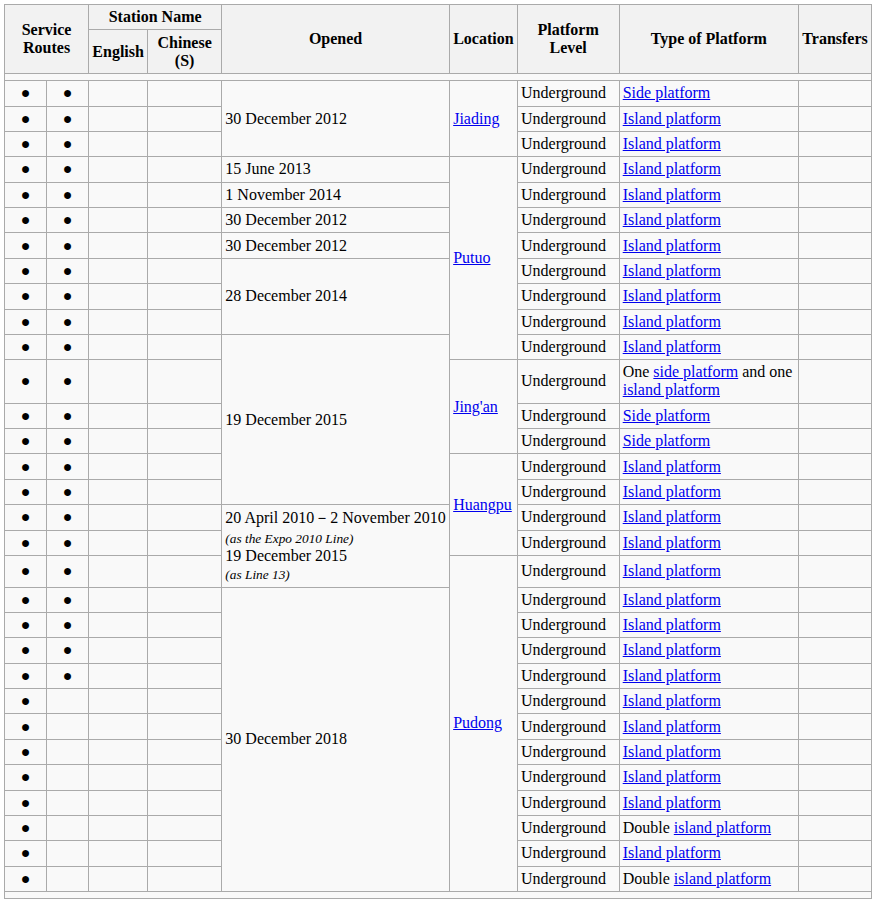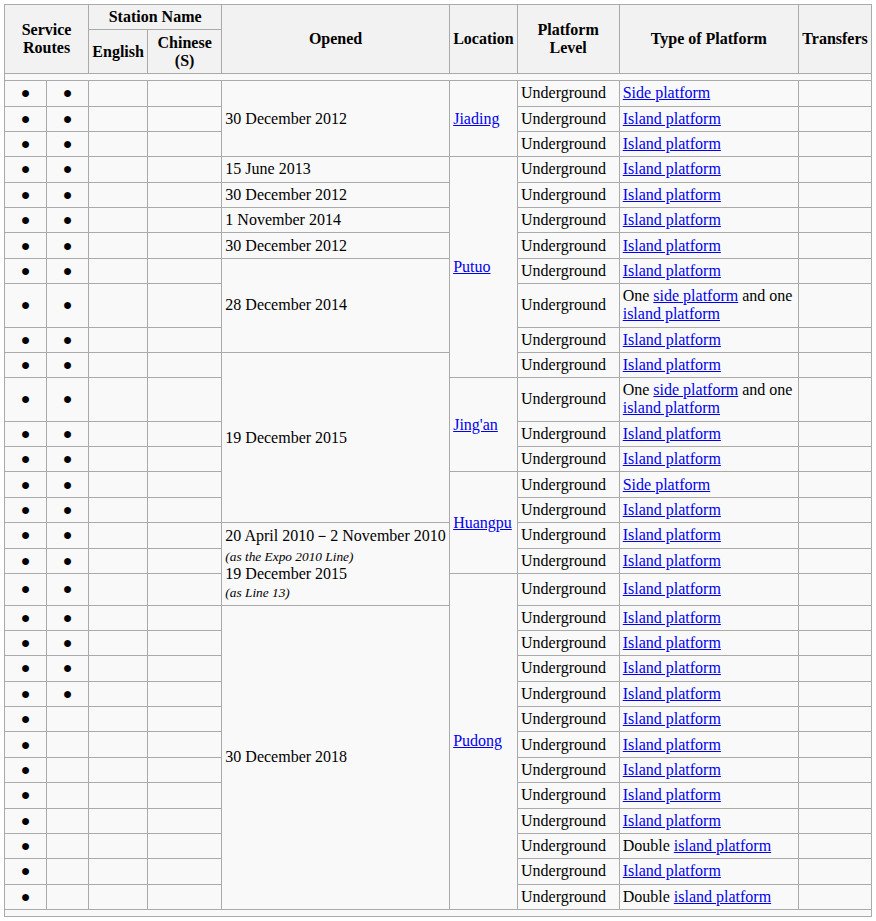 <table class=wikitable>
 <tr>
 <th colspan=2 rowspan=2>Service Routes</th>
 <th colspan=2 style="text-align:center;">Station Name</th>
 <th rowspan=2>Opened</th>
 <th rowspan=2 style="text-align:center;">Location</th>
 <th rowspan=2>Platform Level</th>
 <th rowspan=2>Type of Platform</th>
 <th rowspan=2 style="text-align:center;">Transfers</th>
 </tr>
 <tr>
 <th>English</th>
 <th>Chinese (S)</th>
 </tr>
 <tr style=background:#>
 <td colspan=9></td>
 </tr>
 <tr>
 <td align=center>●</td>
 <td align=center>●</td>
 <td></td>
 <td><span></span></td>
 <td rowspan=3>30 December 2012</td>
 <td rowspan=3><a href='#'>Jiading</a></td>
 <td>Underground</td>
 <td><a href='#'>Side platform</a></td>
 <td></td>
 </tr>
 <tr>
 <td align=center>●</td>
 <td align=center>●</td>
 <td></td>
 <td><span></span></td>
 <td>Underground</td>
 <td><a href='#'>Island platform</a></td>
 <td></td>
 </tr>
 <tr>
 <td align=center>●</td>
 <td align=center>●</td>
 <td></td>
 <td><span></span></td>
 <td>Underground</td>
 <td><a href='#'>Island platform</a></td>
 <td></td>
 </tr>
 <tr>
 <td align=center>●</td>
 <td align=center>●</td>
 <td></td>
 <td><span></span></td>
 <td>15 June 2013</td>
 <td rowspan=8><a href='#'>Putuo</a></td>
 <td>Underground</td>
 <td><a href='#'>Island platform</a></td>
 <td></td>
 </tr>
 <tr>
 <td align=center>●</td>
 <td align=center>●</td>
 <td></td>
 <td><span></span></td>
-<td>1 November 2014</td>
+<td>30 December 2012</td>
 <td>Underground</td>
 <td><a href='#'>Island platform</a></td>
 <td></td>
 </tr>
 <tr>
 <td align=center>●</td>
 <td align=center>●</td>
 <td></td>
 <td><span></span></td>
-<td>30 December 2012</td>
+<td>1 November 2014</td>
 <td>Underground</td>
 <td><a href='#'>Island platform</a></td>
 <td></td>
 </tr>
 <tr>
 <td align=center>●</td>
 <td align=center>●</td>
 <td></td>
 <td><span></span></td>
 <td>30 December 2012</td>
 <td>Underground</td>
 <td><a href='#'>Island platform</a></td>
 <td></td>
 </tr>
 <tr>
 <td align=center>●</td>
 <td align=center>●</td>
 <td></td>
 <td><span></span></td>
 <td rowspan=3>28 December 2014</td>
 <td>Underground</td>
 <td><a href='#'>Island platform</a></td>
 <td></td>
 </tr>
 <tr>
 <td align=center>●</td>
 <td align=center>●</td>
 <td></td>
 <td><span></span></td>
 <td>Underground</td>
-<td><a href='#'>Island platform</a></td>
+<td>One <a href='#'>side platform</a> and one <a href='#'>island platform</a></td>
 <td></td>
 </tr>
 <tr>
 <td align=center>●</td>
 <td align=center>●</td>
 <td></td>
 <td><span></span></td>
 <td>Underground</td>
 <td><a href='#'>Island platform</a></td>
 <td></td>
 </tr>
 <tr>
 <td align=center>●</td>
 <td align=center>●</td>
 <td></td>
 <td><span></span></td>
 <td rowspan=6>19 December 2015</td>
 <td>Underground</td>
 <td><a href='#'>Island platform</a></td>
 <td></td>
 </tr>
 <tr>
 <td align=center>●</td>
 <td align=center>●</td>
 <td></td>
 <td><span></span></td>
 <td rowspan=3><a href='#'>Jing'an</a></td>
 <td>Underground</td>
 <td>One <a href='#'>side platform</a> and one <a href='#'>island platform</a></td>
 <td></td>
 </tr>
 <tr>
 <td align=center>●</td>
 <td align=center>●</td>
 <td></td>
 <td><span></span></td>
 <td>Underground</td>
-<td><a href='#'>Side platform</a></td>
+<td><a href='#'>Island platform</a></td>
 <td></td>
 </tr>
 <tr>
 <td align=center>●</td>
 <td align=center>●</td>
 <td></td>
 <td><span></span></td>
 <td>Underground</td>
-<td><a href='#'>Side platform</a></td>
+<td><a href='#'>Island platform</a></td>
 <td></td>
 </tr>
 <tr>
 <td align=center>●</td>
 <td align=center>●</td>
 <td></td>
 <td><span></span></td>
 <td rowspan=4><a href='#'>Huangpu</a></td>
 <td>Underground</td>
-<td><a href='#'>Island platform</a></td>
+<td><a href='#'>Side platform</a></td>
 <td></td>
 </tr>
 <tr>
 <td align=center>●</td>
 <td align=center>●</td>
 <td></td>
 <td><span></span></td>
 <td>Underground</td>
 <td><a href='#'>Island platform</a></td>
 <td></td>
 </tr>
 <tr>
 <td align=center>●</td>
 <td align=center>●</td>
 <td></td>
 <td><span></span></td>
 <td rowspan=3 nowrap>20 April 2010－2 November 2010<br><small> <em>(as the Expo 2010 Line)</em></small><br>19 December 2015<br><small><em> (as Line 13)</em></small></td>
 <td>Underground</td>
 <td><a href='#'>Island platform</a></td>
 <td></td>
 </tr>
 <tr>
 <td align=center>●</td>
 <td align=center>●</td>
 <td></td>
 <td><span></span></td>
 <td>Underground</td>
 <td><a href='#'>Island platform</a></td>
 <td></td>
 </tr>
 <tr>
 <td align=center>●</td>
 <td align=center>●</td>
 <td></td>
 <td><span></span></td>
 <td rowspan=13><a href='#'>Pudong</a></td>
 <td>Underground</td>
 <td><a href='#'>Island platform</a></td>
 <td></td>
 </tr>
 <tr>
 <td align=center>●</td>
 <td align=center>●</td>
 <td></td>
 <td></td>
 <td rowspan=12>30 December 2018</td>
 <td>Underground</td>
 <td><a href='#'>Island platform</a></td>
 <td></td>
 </tr>
 <tr>
 <td align=center>●</td>
 <td align=center>●</td>
 <td></td>
 <td></td>
 <td>Underground</td>
 <td><a href='#'>Island platform</a></td>
 <td></td>
 </tr>
 <tr>
 <td align=center>●</td>
 <td align=center>●</td>
 <td></td>
 <td></td>
 <td>Underground</td>
 <td><a href='#'>Island platform</a></td>
 <td></td>
 </tr>
 <tr>
 <td align=center>●</td>
 <td align=center>●</td>
 <td></td>
 <td></td>
 <td>Underground</td>
 <td><a href='#'>Island platform</a></td>
 <td></td>
 </tr>
 <tr>
 <td align=center>●</td>
 <td></td>
 <td></td>
 <td></td>
 <td>Underground</td>
 <td><a href='#'>Island platform</a></td>
 <td></td>
 </tr>
 <tr>
 <td align=center>●</td>
 <td></td>
 <td></td>
 <td></td>
 <td>Underground</td>
 <td><a href='#'>Island platform</a></td>
 <td></td>
 </tr>
 <tr>
 <td align=center>●</td>
 <td></td>
 <td></td>
 <td></td>
 <td>Underground</td>
 <td><a href='#'>Island platform</a></td>
 <td></td>
 </tr>
 <tr>
 <td align=center>●</td>
 <td></td>
 <td></td>
 <td></td>
 <td>Underground</td>
 <td><a href='#'>Island platform</a></td>
 <td></td>
 </tr>
 <tr>
 <td align=center>●</td>
 <td></td>
 <td></td>
 <td></td>
 <td>Underground</td>
 <td><a href='#'>Island platform</a></td>
 <td></td>
 </tr>
 <tr>
 <td align=center>●</td>
 <td></td>
 <td></td>
 <td></td>
 <td>Underground</td>
 <td>Double <a href='#'>island platform</a></td>
 <td></td>
 </tr>
 <tr>
 <td align=center>●</td>
 <td></td>
 <td></td>
 <td></td>
 <td>Underground</td>
 <td><a href='#'>Island platform</a></td>
 <td></td>
 </tr>
 <tr>
 <td align=center>●</td>
 <td></td>
 <td></td>
 <td></td>
 <td>Underground</td>
 <td>Double <a href='#'>island platform</a></td>
 <td></td>
 </tr>
 <tr style=background:#>
 <td colspan=9></td>
 </tr>
 </table>
